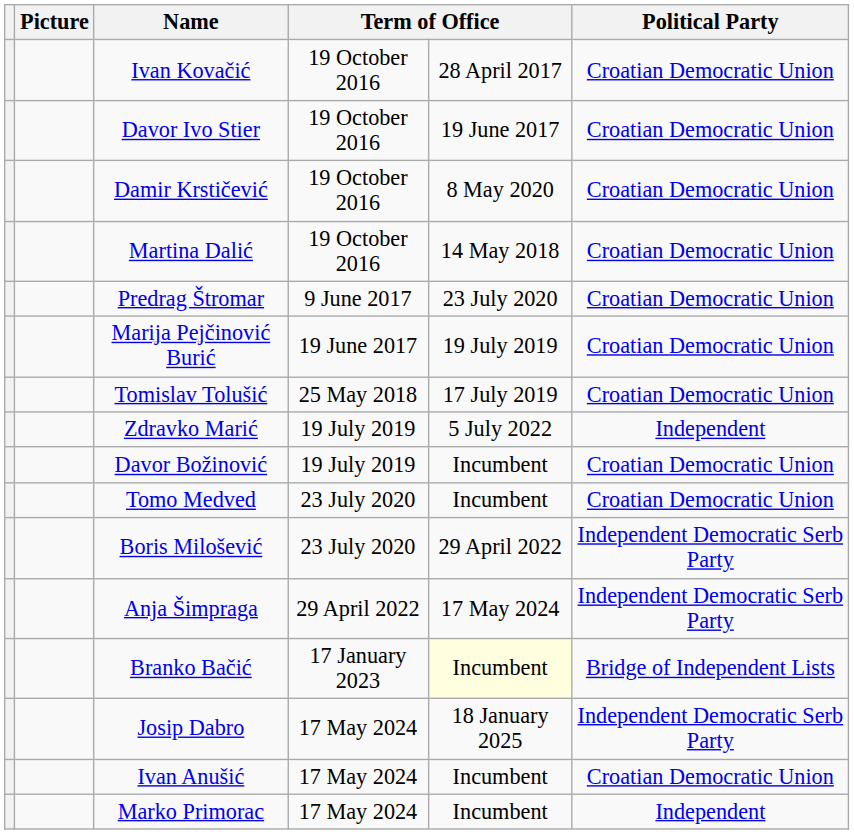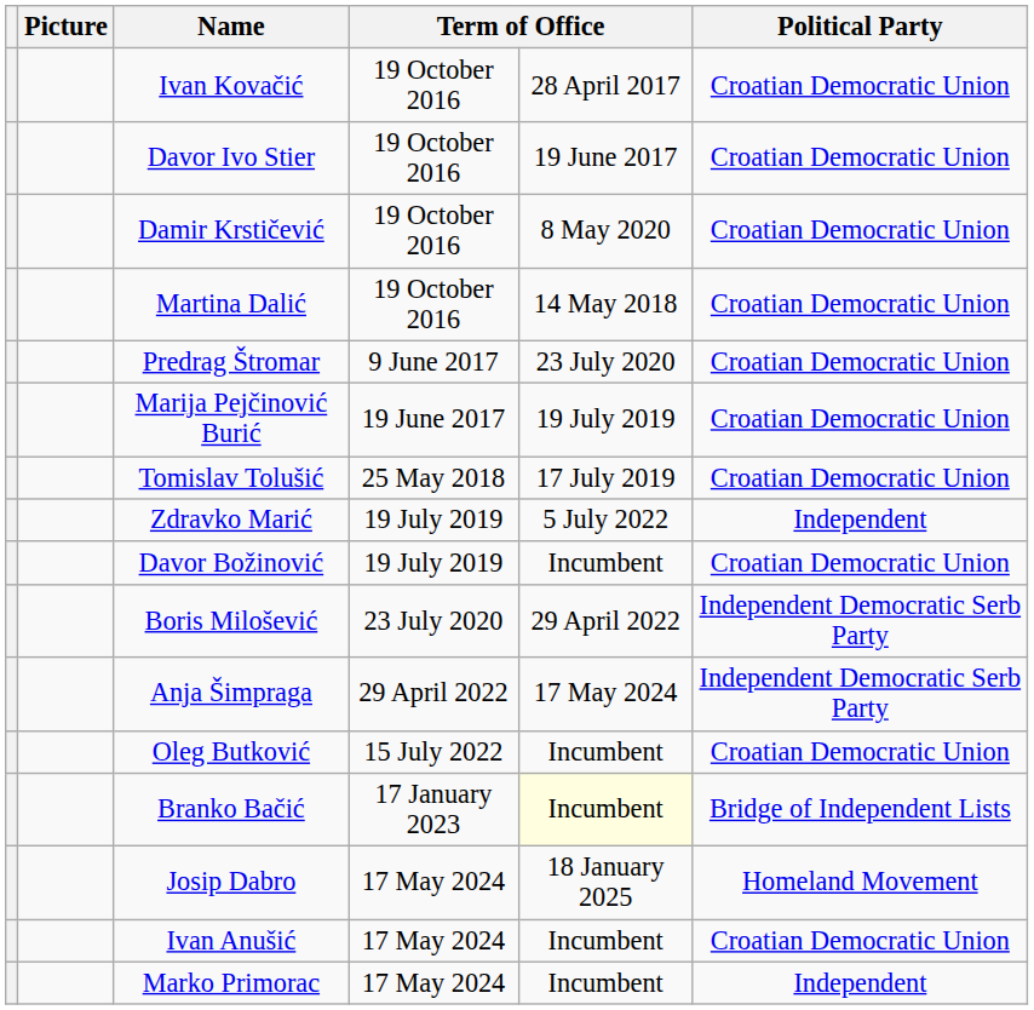 <table class="wikitable" style="text-align:center">
 <tr>
 <th></th>
 <th>Picture</th>
 <th>Name<br></th>
 <th colspan="2">Term of Office</th>
 <th>Political Party</th>
 </tr>
 <tr>
 <th style="background:"></th>
 <td></td>
 <td><a href='#'>Ivan Kovačić</a><br></td>
 <td>19 October 2016</td>
 <td>28 April 2017</td>
 <td><a href='#'>Croatian Democratic Union</a></td>
 </tr>
 <tr>
 <th style="background:"></th>
 <td></td>
 <td><a href='#'>Davor Ivo Stier</a><br></td>
 <td>19 October 2016</td>
 <td>19 June 2017</td>
 <td><a href='#'>Croatian Democratic Union</a></td>
 </tr>
 <tr>
 <th style="background:"></th>
 <td></td>
 <td><a href='#'>Damir Krstičević</a><br></td>
 <td>19 October 2016</td>
 <td>8 May 2020</td>
 <td><a href='#'>Croatian Democratic Union</a></td>
 </tr>
 <tr>
 <th style="background:"></th>
 <td></td>
 <td><a href='#'>Martina Dalić</a><br></td>
 <td>19 October 2016</td>
 <td>14 May 2018</td>
 <td><a href='#'>Croatian Democratic Union</a></td>
 </tr>
 <tr>
 <th style="background:"></th>
 <td></td>
 <td><a href='#'>Predrag Štromar</a><br></td>
 <td>9 June 2017</td>
 <td>23 July 2020</td>
 <td><a href='#'>Croatian Democratic Union</a></td>
 </tr>
 <tr>
 <th style="background:"></th>
 <td></td>
 <td><a href='#'>Marija Pejčinović Burić</a><br></td>
 <td>19 June 2017</td>
 <td>19 July 2019</td>
 <td><a href='#'>Croatian Democratic Union</a></td>
 </tr>
 <tr>
 <th style="background:"></th>
 <td></td>
 <td><a href='#'>Tomislav Tolušić</a><br></td>
 <td>25 May 2018</td>
 <td>17 July 2019</td>
 <td><a href='#'>Croatian Democratic Union</a></td>
 </tr>
 <tr>
 <th style="background:"></th>
 <td></td>
 <td><a href='#'>Zdravko Marić</a><br></td>
 <td>19 July 2019</td>
 <td>5 July 2022</td>
 <td><a href='#'>Independent</a></td>
 </tr>
 <tr>
 <th style="background:"></th>
 <td></td>
 <td><a href='#'>Davor Božinović</a><br></td>
 <td>19 July 2019</td>
 <td>Incumbent</td>
 <td><a href='#'>Croatian Democratic Union</a></td>
 </tr>
 <tr>
 <th style="background:"></th>
 <td></td>
-<td><a href='#'>Tomo Medved</a><br></td>
-<td>23 July 2020</td>
-<td>Incumbent</td>
-<td><a href='#'>Croatian Democratic Union</a></td>
-</tr>
-<tr>
-<th style="background:"></th>
-<td></td>
 <td><a href='#'>Boris Milošević</a><br></td>
 <td>23 July 2020</td>
 <td>29 April 2022</td>
 <td><a href='#'>Independent Democratic Serb Party</a></td>
 </tr>
 <tr>
 <th style="background:"></th>
 <td></td>
 <td><a href='#'>Anja Šimpraga</a><br></td>
 <td>29 April 2022</td>
 <td>17 May 2024</td>
 <td><a href='#'>Independent Democratic Serb Party</a></td>
 </tr>
 <tr>
 <th style="background:"></th>
 <td></td>
+<td><a href='#'>Oleg Butković</a><br></td>
+<td>15 July 2022</td>
+<td>Incumbent</td>
+<td><a href='#'>Croatian Democratic Union</a></td>
+</tr>
+<tr>
+<th style="background:"></th>
+<td></td>
 <td><a href='#'>Branko Bačić</a><br></td>
 <td>17 January 2023</td>
 <td style="background: lightyellow;">Incumbent</td>
 <td><a href='#'>Bridge of Independent Lists</a></td>
 </tr>
 <tr>
 <th style="background:"></th>
 <td></td>
 <td><a href='#'>Josip Dabro</a><br></td>
 <td>17 May 2024</td>
 <td>18 January 2025</td>
-<td><a href='#'>Independent Democratic Serb Party</a></td>
+<td><a href='#'>Homeland Movement</a></td>
 </tr>
 <tr>
 <th style="background:"></th>
 <td></td>
 <td><a href='#'>Ivan Anušić</a><br></td>
 <td>17 May 2024</td>
 <td>Incumbent</td>
 <td><a href='#'>Croatian Democratic Union</a></td>
 </tr>
 <tr>
 <th style="background:"></th>
 <td></td>
 <td><a href='#'>Marko Primorac</a><br></td>
 <td>17 May 2024</td>
 <td>Incumbent</td>
 <td><a href='#'>Independent</a></td>
 </tr>
 </table>
